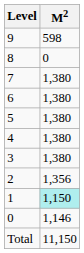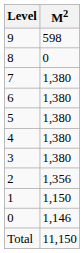 <table class="wikitable" border="1">
 <tr>
 <th>Level</th>
 <th>M<sup>2</sup></th>
 </tr>
 <tr>
 <td>9</td>
 <td>598</td>
 </tr>
 <tr>
 <td>8</td>
 <td>0</td>
 </tr>
 <tr>
 <td>7</td>
 <td>1,380</td>
 </tr>
 <tr>
 <td>6</td>
 <td>1,380</td>
 </tr>
 <tr>
 <td>5</td>
 <td>1,380</td>
 </tr>
 <tr>
 <td>4</td>
 <td>1,380</td>
 </tr>
 <tr>
 <td>3</td>
 <td>1,380</td>
 </tr>
 <tr>
 <td>2</td>
 <td>1,356</td>
 </tr>
 <tr>
 <td>1</td>
-<td style="background: paleturquoise;">1,150</td>
+<td>1,150</td>
 </tr>
 <tr>
 <td>0</td>
 <td>1,146</td>
 </tr>
 <tr>
 <td>Total</td>
 <td>11,150</td>
 </tr>
 </table>
